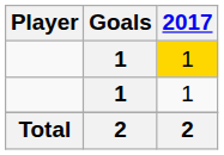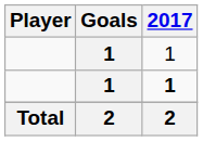 <table class="wikitable sortable" style="text-align:center;">
 <tr>
 <th>Player</th>
 <th>Goals</th>
 <th><a href='#'>2017</a></th>
 </tr>
 <tr>
 <td align="left"></td>
 <th>1</th>
-<td style="background: gold;">1</td>
+<td>1</td>
 </tr>
 <tr>
 <td align="left"></td>
 <th>1</th>
-<td>1</td>
+<td><strong>1</strong></td>
 </tr>
 <tr>
 </tr>
 <tr class="sortbottom">
 <th>Total</th>
 <th>2</th>
 <th>2</th>
 </tr>
 </table>
